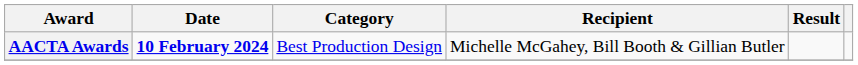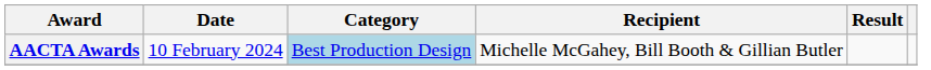 <table class="wikitable sortable plainrowheaders">
 <tr>
 <th>Award</th>
 <th>Date</th>
 <th>Category</th>
 <th>Recipient</th>
 <th>Result</th>
 <th></th>
 </tr>
 <tr>
 <th scope="row"><a href='#'>AACTA Awards</a></th>
-<td><strong><a href='#'>10 February 2024</a></strong></td>
-<td><a href='#'>Best Production Design</a></td>
+<td><a href='#'>10 February 2024</a></td>
+<td style="background: lightblue;"><a href='#'>Best Production Design</a></td>
 <td>Michelle McGahey, Bill Booth & Gillian Butler</td>
 <td></td>
 <td align="center" rowspan="1"></td>
 </tr>
 <tr>
 </tr>
 </table>
